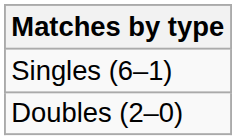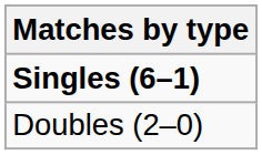 <table class="wikitable" style=font-size:90%>
 <tr>
 <th>Matches by type</th>
 </tr>
 <tr>
-<td>Singles (6–1)</td>
+<td><strong>Singles (6–1)</strong></td>
 </tr>
 <tr>
 <td>Doubles (2–0)</td>
 </tr>
 </table>
